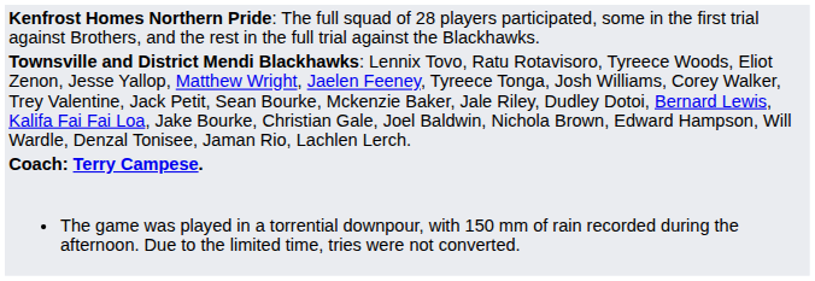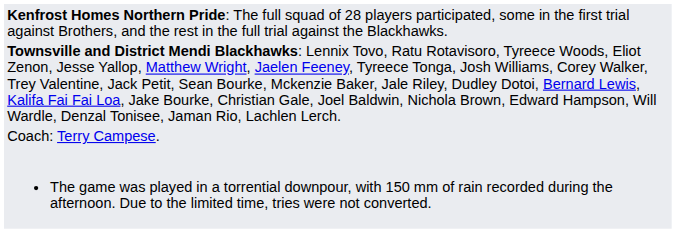 <table style="background:#eaecf0; font-size:85%; width:100%;">
 <tr>
 <td><strong>Kenfrost Homes Northern Pride</strong>: The full squad of 28 players participated, some in the first trial against Brothers, and the rest in the full trial against the Blackhawks.</td>
 </tr>
 <tr>
 <td><strong>Townsville and District Mendi Blackhawks</strong>: Lennix Tovo, Ratu Rotavisoro, Tyreece Woods, Eliot Zenon, Jesse Yallop, <a href='#'>Matthew Wright</a>, <a href='#'>Jaelen Feeney</a>, Tyreece Tonga, Josh Williams, Corey Walker, Trey Valentine, Jack Petit, Sean Bourke, Mckenzie Baker, Jale Riley, Dudley Dotoi, <a href='#'>Bernard Lewis</a>, <a href='#'>Kalifa Fai Fai Loa</a>, Jake Bourke, Christian Gale, Joel Baldwin, Nichola Brown, Edward Hampson, Will Wardle, Denzal Tonisee, Jaman Rio, Lachlen Lerch.</td>
 </tr>
 <tr>
-<td><strong>Coach: <a href='#'>Terry Campese</a>.</strong></td>
+<td>Coach: <a href='#'>Terry Campese</a>.</td>
 </tr>
 <tr>
 <td><br><ul><li>The game was played in a torrential downpour, with 150 mm of rain recorded during the afternoon. Due to the limited time, tries were not converted.</li></ul></td>
 </tr>
 </table>
